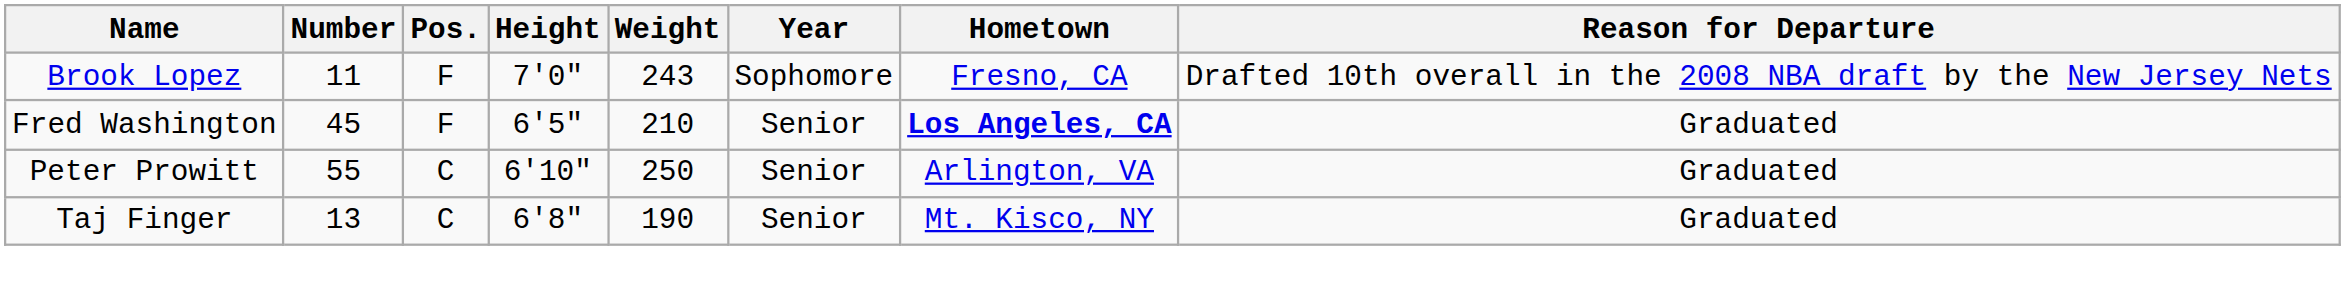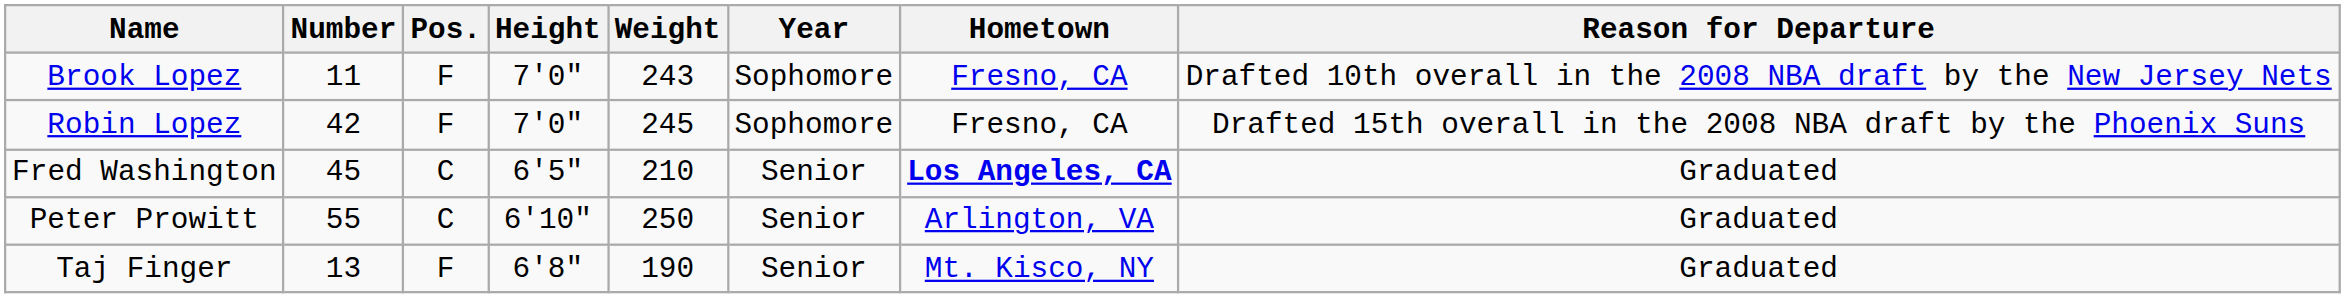 <table class="wikitable sortable sortable" style="text-align: center">
 <tr align=center>
 <th>Name</th>
 <th>Number</th>
 <th>Pos.</th>
 <th>Height</th>
 <th>Weight</th>
 <th>Year</th>
 <th>Hometown</th>
 <th>Reason for Departure</th>
 </tr>
 <tr>
 <td><a href='#'>Brook Lopez</a></td>
 <td>11</td>
 <td>F</td>
 <td>7'0"</td>
 <td>243</td>
 <td>Sophomore</td>
 <td><a href='#'>Fresno, CA</a></td>
 <td>Drafted 10th overall in the <a href='#'>2008 NBA draft</a> by the <a href='#'>New Jersey Nets</a></td>
 </tr>
 <tr>
+<td><a href='#'>Robin Lopez</a></td>
+<td>42</td>
+<td>F</td>
+<td>7'0"</td>
+<td>245</td>
+<td>Sophomore</td>
+<td>Fresno, CA</td>
+<td>Drafted 15th overall in the 2008 NBA draft by the <a href='#'>Phoenix Suns</a></td>
+</tr>
+<tr>
 <td>Fred Washington</td>
 <td>45</td>
-<td>F</td>
+<td>C</td>
 <td>6'5"</td>
 <td>210</td>
 <td>Senior</td>
 <td><strong><a href='#'>Los Angeles, CA</a></strong></td>
 <td>Graduated</td>
 </tr>
 <tr>
 <td>Peter Prowitt</td>
 <td>55</td>
 <td>C</td>
 <td>6'10"</td>
 <td>250</td>
 <td>Senior</td>
 <td><a href='#'>Arlington, VA</a></td>
 <td>Graduated</td>
 </tr>
 <tr>
 <td>Taj Finger</td>
 <td>13</td>
-<td>C</td>
+<td>F</td>
 <td>6'8"</td>
 <td>190</td>
 <td>Senior</td>
 <td><a href='#'>Mt. Kisco, NY</a></td>
 <td>Graduated</td>
 </tr>
 </table>
